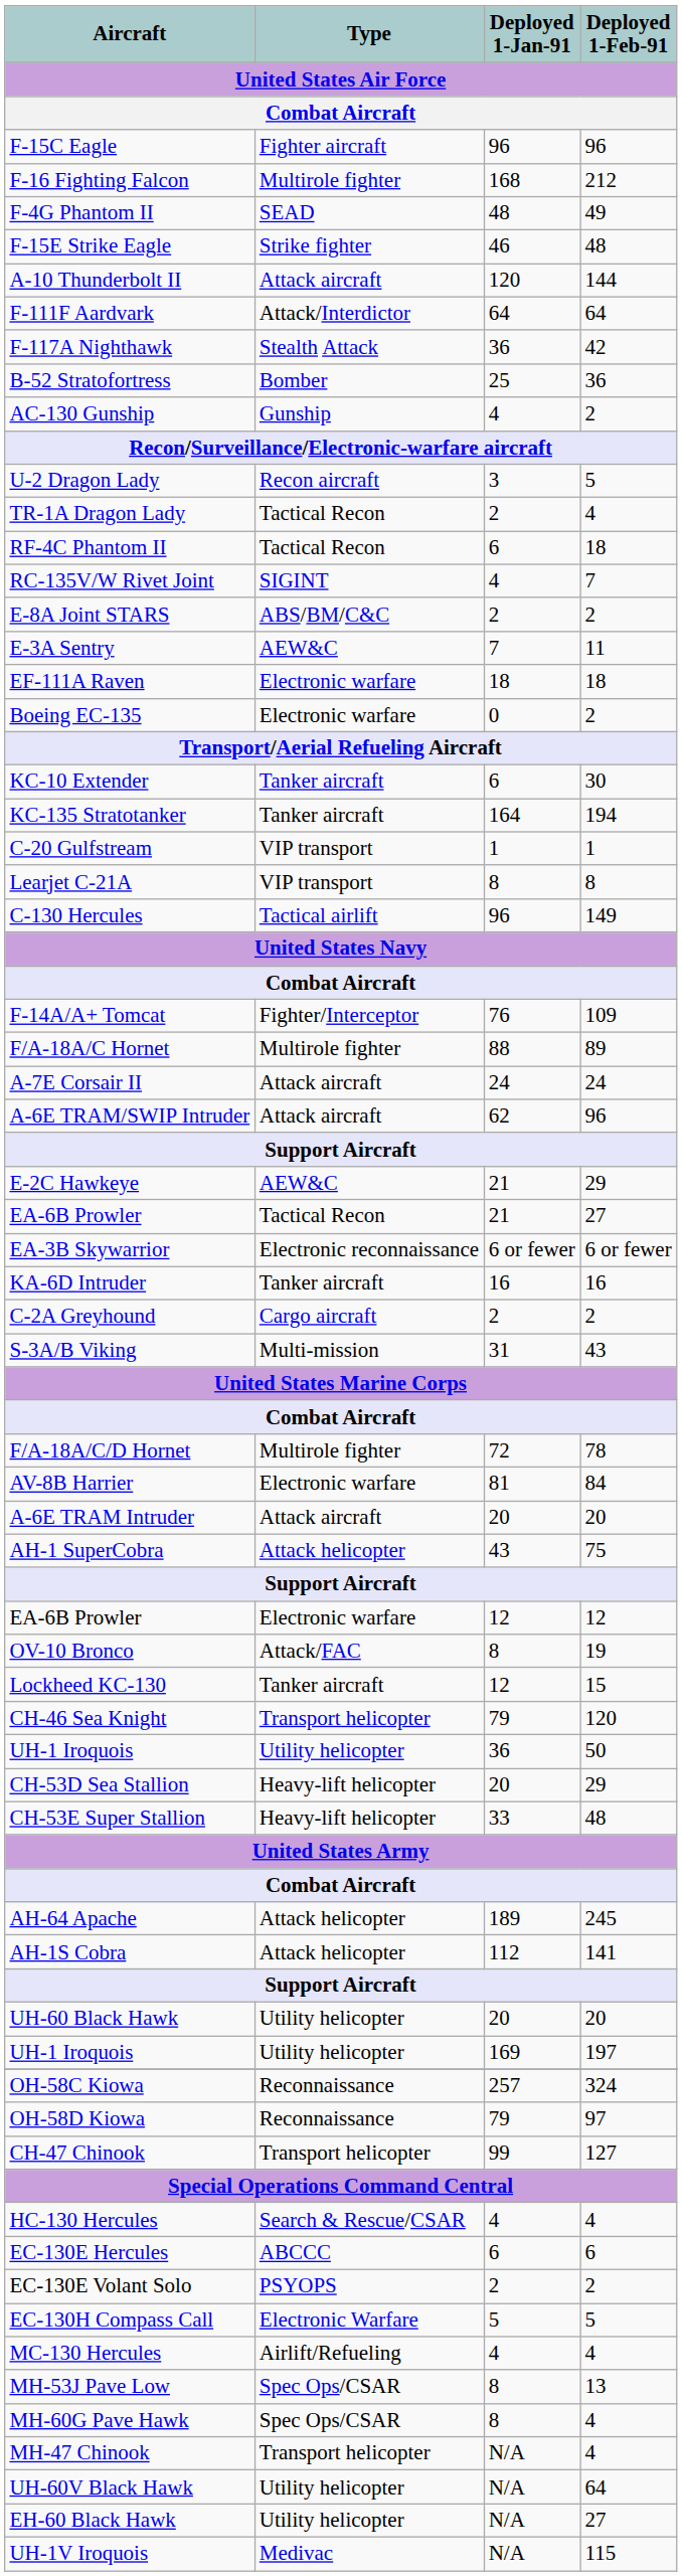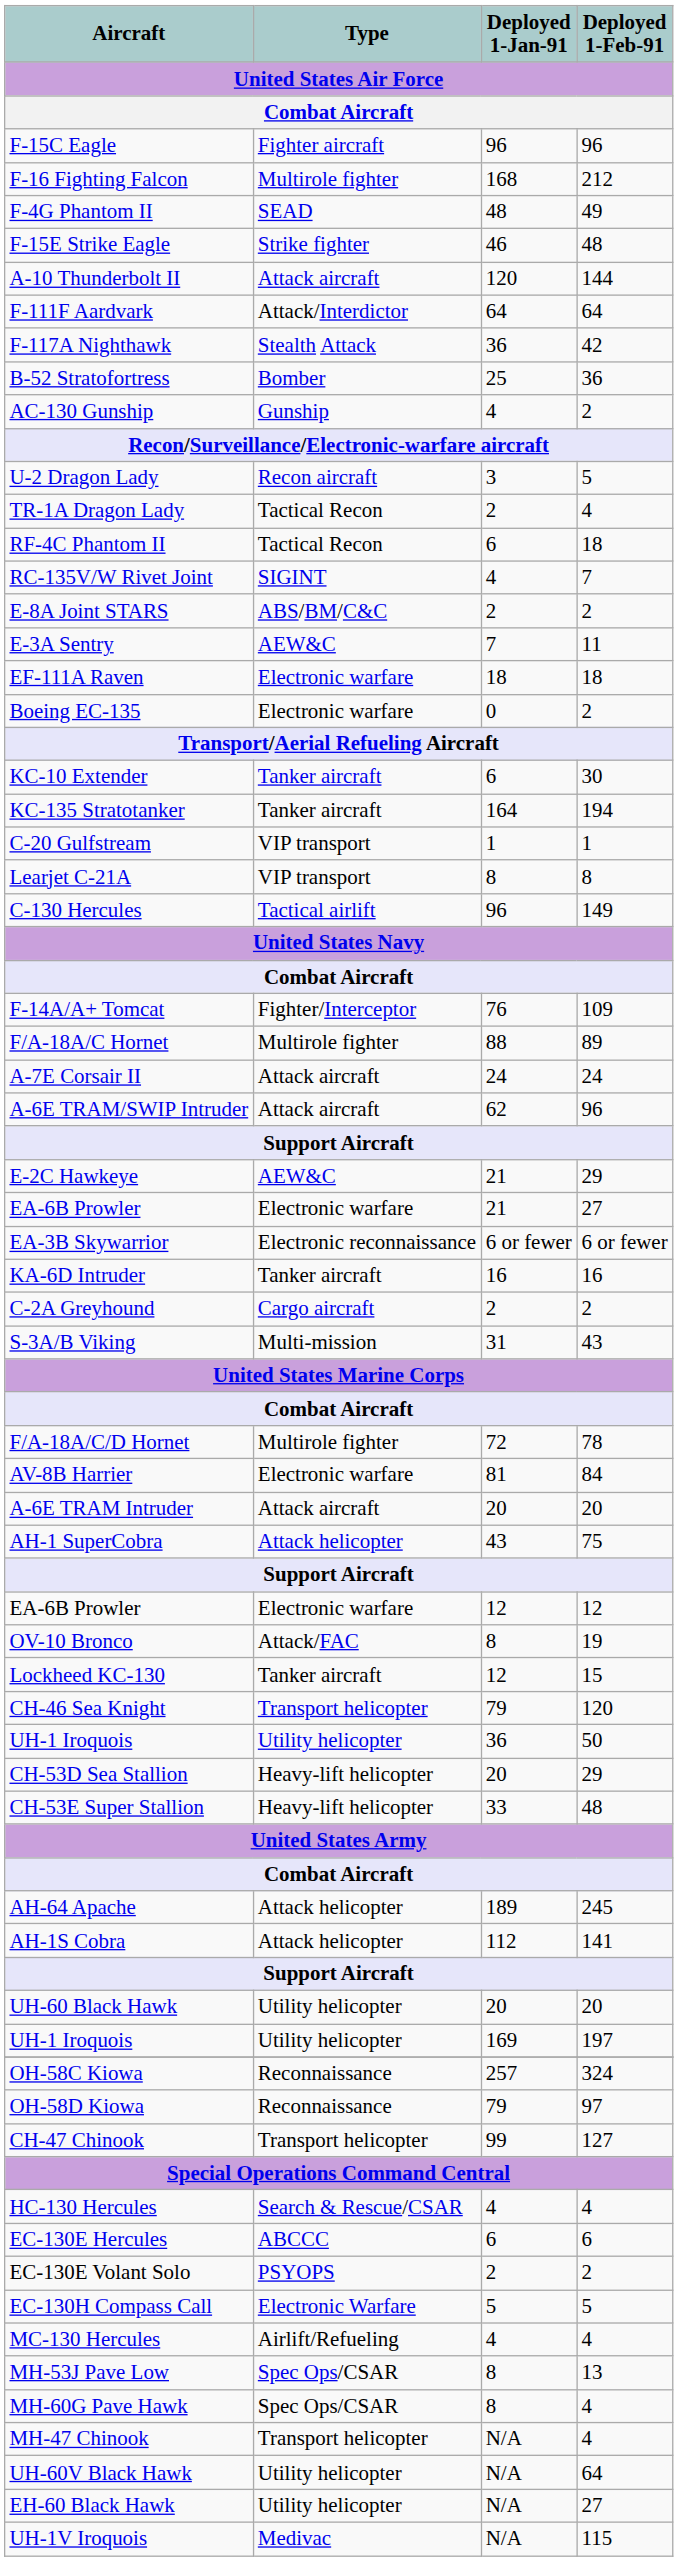 <table class="wikitable" style="display: inline-table;">
 <tr>
 <th style="text-align:center; background:#acc;">Aircraft</th>
 <th style="text-align:l center; background:#acc;">Type</th>
 <th style="text-align:l center; background:#acc;">Deployed<br>1-Jan-91</th>
 <th style="text-align:center; background:#acc;">Deployed<br>1-Feb-91</th>
 </tr>
 <tr>
 <th colspan="5" style="align: center; background: #C9A0DC"><a href='#'>United States Air Force</a></th>
 </tr>
 <tr>
 <th colspan="5" style="align: center; background: light blue;"><a href='#'>Combat Aircraft</a></th>
 </tr>
 <tr>
 <td><a href='#'>F-15C Eagle</a></td>
 <td><a href='#'>Fighter aircraft</a></td>
 <td>96</td>
 <td>96</td>
 </tr>
 <tr>
 <td><a href='#'>F-16 Fighting Falcon</a></td>
 <td><a href='#'>Multirole fighter</a></td>
 <td>168</td>
 <td>212</td>
 </tr>
 <tr>
 <td><a href='#'>F-4G Phantom II</a></td>
 <td><a href='#'>SEAD</a></td>
 <td>48</td>
 <td>49</td>
 </tr>
 <tr>
 <td><a href='#'>F-15E Strike Eagle</a></td>
 <td><a href='#'>Strike fighter</a></td>
 <td>46</td>
 <td>48</td>
 </tr>
 <tr>
 <td><a href='#'>A-10 Thunderbolt II</a></td>
 <td><a href='#'>Attack aircraft</a></td>
 <td>120</td>
 <td>144</td>
 </tr>
 <tr>
 <td><a href='#'>F-111F Aardvark</a></td>
 <td>Attack/<a href='#'>Interdictor</a></td>
 <td>64</td>
 <td>64</td>
 </tr>
 <tr>
 <td><a href='#'>F-117A Nighthawk</a></td>
 <td><a href='#'>Stealth</a> <a href='#'>Attack</a></td>
 <td>36</td>
 <td>42</td>
 </tr>
 <tr>
 <td><a href='#'>B-52 Stratofortress</a></td>
 <td><a href='#'>Bomber</a></td>
 <td>25</td>
 <td>36</td>
 </tr>
 <tr>
 <td><a href='#'>AC-130 Gunship</a></td>
 <td><a href='#'>Gunship</a></td>
 <td>4</td>
 <td>2</td>
 </tr>
 <tr>
 <th colspan="5" style="align: center; background: lavender;"><a href='#'>Recon</a>/<a href='#'>Surveillance</a>/<a href='#'>Electronic-warfare aircraft</a></th>
 </tr>
 <tr>
 <td><a href='#'>U-2 Dragon Lady</a></td>
 <td><a href='#'>Recon aircraft</a></td>
 <td>3</td>
 <td>5</td>
 </tr>
 <tr>
 <td><a href='#'>TR-1A Dragon Lady</a></td>
 <td>Tactical Recon</td>
 <td>2</td>
 <td>4</td>
 </tr>
 <tr>
 <td><a href='#'>RF-4C Phantom II</a></td>
 <td>Tactical Recon</td>
 <td>6</td>
 <td>18</td>
 </tr>
 <tr>
 <td><a href='#'>RC-135V/W Rivet Joint</a></td>
 <td><a href='#'>SIGINT</a></td>
 <td>4</td>
 <td>7</td>
 </tr>
 <tr>
 <td><a href='#'>E-8A Joint STARS</a></td>
 <td><a href='#'>ABS</a>/<a href='#'>BM</a>/<a href='#'>C&C</a></td>
 <td>2</td>
 <td>2</td>
 </tr>
 <tr>
 <td><a href='#'>E-3A Sentry</a></td>
 <td><a href='#'>AEW&C</a></td>
 <td>7</td>
 <td>11</td>
 </tr>
 <tr>
 <td><a href='#'>EF-111A Raven</a></td>
 <td><a href='#'>Electronic warfare</a></td>
 <td>18</td>
 <td>18</td>
 </tr>
 <tr>
 <td><a href='#'>Boeing EC-135</a></td>
 <td>Electronic warfare</td>
 <td>0</td>
 <td>2</td>
 </tr>
 <tr>
 <th colspan="5" style="align: center; background: lavender;"><a href='#'>Transport</a>/<a href='#'>Aerial Refueling</a> Aircraft</th>
 </tr>
 <tr>
 <td><a href='#'>KC-10 Extender</a></td>
 <td><a href='#'>Tanker aircraft</a></td>
 <td>6</td>
 <td>30</td>
 </tr>
 <tr>
 <td><a href='#'>KC-135 Stratotanker</a></td>
 <td>Tanker aircraft</td>
 <td>164</td>
 <td>194</td>
 </tr>
 <tr>
 <td><a href='#'>C-20 Gulfstream</a></td>
 <td>VIP transport</td>
 <td>1</td>
 <td>1</td>
 </tr>
 <tr>
 <td><a href='#'>Learjet C-21A</a></td>
 <td>VIP transport</td>
 <td>8</td>
 <td>8</td>
 </tr>
 <tr>
 <td><a href='#'>C-130 Hercules</a></td>
 <td><a href='#'>Tactical airlift</a></td>
 <td>96</td>
 <td>149</td>
 </tr>
 <tr>
 <th colspan="5" style="align: center; background: #C9A0DC"><a href='#'>United States Navy</a></th>
 </tr>
 <tr>
 <th colspan="5" style="align: center; background: lavender;">Combat Aircraft</th>
 </tr>
 <tr>
 <td><a href='#'>F-14A/A+ Tomcat</a></td>
 <td>Fighter/<a href='#'>Interceptor</a></td>
 <td>76</td>
 <td>109</td>
 </tr>
 <tr>
 <td><a href='#'>F/A-18A/C Hornet</a></td>
 <td>Multirole fighter</td>
 <td>88</td>
 <td>89</td>
 </tr>
 <tr>
 <td><a href='#'>A-7E Corsair II</a></td>
 <td>Attack aircraft</td>
 <td>24</td>
 <td>24</td>
 </tr>
 <tr>
 <td><a href='#'>A-6E TRAM/SWIP Intruder</a></td>
 <td>Attack aircraft</td>
 <td>62</td>
 <td>96</td>
 </tr>
 <tr>
 <th colspan="5" style="align: center; background: lavender;">Support Aircraft</th>
 </tr>
 <tr>
 <td><a href='#'>E-2C Hawkeye</a></td>
 <td><a href='#'>AEW&C</a></td>
 <td>21</td>
 <td>29</td>
 </tr>
 <tr>
 <td><a href='#'>EA-6B Prowler</a></td>
-<td>Tactical Recon</td>
+<td>Electronic warfare</td>
 <td>21</td>
 <td>27</td>
 </tr>
 <tr>
 <td><a href='#'>EA-3B Skywarrior</a></td>
 <td>Electronic reconnaissance</td>
 <td>6 or fewer</td>
 <td>6 or fewer</td>
 </tr>
 <tr>
 <td><a href='#'>KA-6D Intruder</a></td>
 <td>Tanker aircraft</td>
 <td>16</td>
 <td>16</td>
 </tr>
 <tr>
 <td><a href='#'>C-2A Greyhound</a></td>
 <td><a href='#'>Cargo aircraft</a></td>
 <td>2</td>
 <td>2</td>
 </tr>
 <tr>
 <td><a href='#'>S-3A/B Viking</a></td>
 <td>Multi-mission</td>
 <td>31</td>
 <td>43</td>
 </tr>
 <tr>
 <th colspan="5" style="align: center; background: #C9A0DC"><a href='#'>United States Marine Corps</a></th>
 </tr>
 <tr>
 <th colspan="5" style="align: center; background: lavender;">Combat Aircraft</th>
 </tr>
 <tr>
 <td><a href='#'>F/A-18A/C/D Hornet</a></td>
 <td>Multirole fighter</td>
 <td>72</td>
 <td>78</td>
 </tr>
 <tr>
 <td><a href='#'>AV-8B Harrier</a></td>
 <td>Electronic warfare</td>
 <td>81</td>
 <td>84</td>
 </tr>
 <tr>
 <td><a href='#'>A-6E TRAM Intruder</a></td>
 <td>Attack aircraft</td>
 <td>20</td>
 <td>20</td>
 </tr>
 <tr>
 <td><a href='#'>AH-1 SuperCobra</a></td>
 <td><a href='#'>Attack helicopter</a></td>
 <td>43</td>
 <td>75</td>
 </tr>
 <tr>
 <th colspan="5" style="align: center; background: lavender;">Support Aircraft</th>
 </tr>
 <tr>
 <td>EA-6B Prowler</td>
 <td>Electronic warfare</td>
 <td>12</td>
 <td>12</td>
 </tr>
 <tr>
 <td><a href='#'>OV-10 Bronco</a></td>
 <td>Attack/<a href='#'>FAC</a></td>
 <td>8</td>
 <td>19</td>
 </tr>
 <tr>
 <td><a href='#'>Lockheed KC-130</a></td>
 <td>Tanker aircraft</td>
 <td>12</td>
 <td>15</td>
 </tr>
 <tr>
 <td><a href='#'>CH-46 Sea Knight</a></td>
 <td><a href='#'>Transport helicopter</a></td>
 <td>79</td>
 <td>120</td>
 </tr>
 <tr>
 <td><a href='#'>UH-1 Iroquois</a></td>
 <td><a href='#'>Utility helicopter</a></td>
 <td>36</td>
 <td>50</td>
 </tr>
 <tr>
 <td><a href='#'>CH-53D Sea Stallion</a></td>
 <td>Heavy-lift helicopter</td>
 <td>20</td>
 <td>29</td>
 </tr>
 <tr>
 <td><a href='#'>CH-53E Super Stallion</a></td>
 <td>Heavy-lift helicopter</td>
 <td>33</td>
 <td>48</td>
 </tr>
 <tr>
 <th colspan="5" style="align: center; background: #C9A0DC"><a href='#'>United States Army</a></th>
 </tr>
 <tr>
 <th colspan="5" style="align: center; background: lavender;">Combat Aircraft</th>
 </tr>
 <tr>
 <td><a href='#'>AH-64 Apache</a></td>
 <td>Attack helicopter</td>
 <td>189</td>
 <td>245</td>
 </tr>
 <tr>
 <td><a href='#'>AH-1S Cobra</a></td>
 <td>Attack helicopter</td>
 <td>112</td>
 <td>141</td>
 </tr>
 <tr>
 <th colspan="5" style="align: center; background: lavender;">Support Aircraft</th>
 </tr>
 <tr>
 <td><a href='#'>UH-60 Black Hawk</a></td>
 <td>Utility helicopter</td>
 <td>20</td>
 <td>20</td>
 </tr>
 <tr>
 <td><a href='#'>UH-1 Iroquois</a></td>
 <td>Utility helicopter</td>
 <td>169</td>
 <td>197</td>
 </tr>
 <tr>
 </tr>
 <tr>
 <td><a href='#'>OH-58C Kiowa</a></td>
 <td>Reconnaissance</td>
 <td>257</td>
 <td>324</td>
 </tr>
 <tr>
 <td><a href='#'>OH-58D Kiowa</a></td>
 <td>Reconnaissance</td>
 <td>79</td>
 <td>97</td>
 </tr>
 <tr>
 <td><a href='#'>CH-47 Chinook</a></td>
 <td>Transport helicopter</td>
 <td>99</td>
 <td>127</td>
 </tr>
 <tr>
 <th colspan="5" style="align: center; background: #C9A0DC"><a href='#'>Special Operations Command Central</a></th>
 </tr>
 <tr>
 <td><a href='#'>HC-130 Hercules</a></td>
 <td><a href='#'>Search & Rescue</a>/<a href='#'>CSAR</a></td>
 <td>4</td>
 <td>4</td>
 </tr>
 <tr>
 <td><a href='#'>EC-130E Hercules</a></td>
 <td><a href='#'>ABCCC</a></td>
 <td>6</td>
 <td>6</td>
 </tr>
 <tr>
 <td>EC-130E Volant Solo</td>
 <td><a href='#'>PSYOPS</a></td>
 <td>2</td>
 <td>2</td>
 </tr>
 <tr>
 <td><a href='#'>EC-130H Compass Call</a></td>
 <td><a href='#'>Electronic Warfare</a></td>
 <td>5</td>
 <td>5</td>
 </tr>
 <tr>
 <td><a href='#'>MC-130 Hercules</a></td>
 <td>Airlift/Refueling</td>
 <td>4</td>
 <td>4</td>
 </tr>
 <tr>
 <td><a href='#'>MH-53J Pave Low</a></td>
 <td><a href='#'>Spec Ops</a>/CSAR</td>
 <td>8</td>
 <td>13</td>
 </tr>
 <tr>
 <td><a href='#'>MH-60G Pave Hawk</a></td>
 <td>Spec Ops/CSAR</td>
 <td>8</td>
 <td>4</td>
 </tr>
 <tr>
 <td><a href='#'>MH-47 Chinook</a></td>
 <td>Transport helicopter</td>
 <td>N/A</td>
 <td>4</td>
 </tr>
 <tr>
 <td><a href='#'>UH-60V Black Hawk</a></td>
 <td>Utility helicopter</td>
 <td>N/A</td>
 <td>64</td>
 </tr>
 <tr>
 <td><a href='#'>EH-60 Black Hawk</a></td>
 <td>Utility helicopter</td>
 <td>N/A</td>
 <td>27</td>
 </tr>
 <tr>
 <td><a href='#'>UH-1V Iroquois</a></td>
 <td><a href='#'>Medivac</a></td>
 <td>N/A</td>
 <td>115</td>
 </tr>
 </table>
